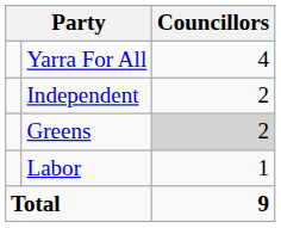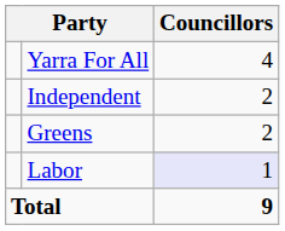 <table class="wikitable">
 <tr>
 <th colspan="2">Party</th>
 <th>Councillors</th>
 </tr>
 <tr>
 <td> </td>
 <td><a href='#'>Yarra For All</a></td>
 <td align=right>4</td>
 </tr>
 <tr>
 <td> </td>
 <td><a href='#'>Independent</a></td>
 <td align=right>2</td>
 </tr>
 <tr>
 <td> </td>
 <td><a href='#'>Greens</a></td>
-<td align=right style="background: lightgrey;">2</td>
+<td align=right>2</td>
 </tr>
 <tr>
 <td> </td>
 <td><a href='#'>Labor</a></td>
-<td align=right>1</td>
+<td align=right style="background: lavender;">1</td>
 </tr>
 <tr>
 <td colspan="2"><strong>Total</strong></td>
 <td align=right><strong>9</strong></td>
 </tr>
 </table>
